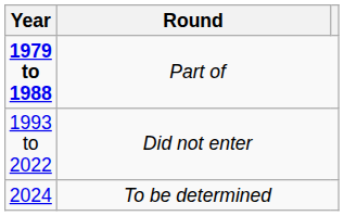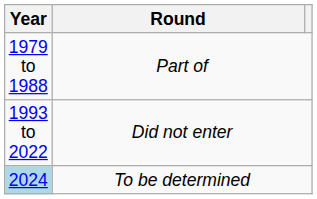 <table class="wikitable" style="text-align: center; font-size:90%">
 <tr>
 <th>Year</th>
 <th style="width:200px">Round</th>
 <th></th>
 </tr>
 <tr>
-<td><strong><a href='#'>1979</a><br>to<br><a href='#'>1988</a></strong></td>
+<td><a href='#'>1979</a><br>to<br><a href='#'>1988</a></td>
 <td colspan="2"><em>Part of </em></td>
 </tr>
 <tr>
 <td><a href='#'>1993</a><br>to<br><a href='#'>2022</a></td>
 <td colspan="2"><em>Did not enter</em></td>
 </tr>
 <tr>
-<td><a href='#'>2024</a></td>
+<td style="background: lightblue;"><a href='#'>2024</a></td>
 <td colspan="2"><em>To be determined</em></td>
 </tr>
 </table>
